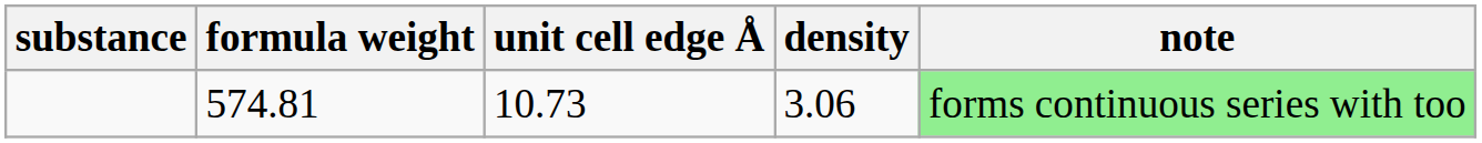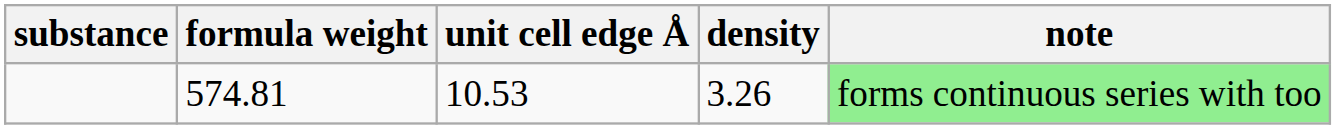 <table class="wikitable">
 <tr>
 <th>substance</th>
 <th>formula weight</th>
 <th>unit cell edge Å</th>
 <th>density</th>
 <th>note</th>
 </tr>
 <tr>
 <td></td>
 <td>574.81</td>
-<td>10.73</td>
-<td>3.06</td>
+<td>10.53</td>
+<td>3.26</td>
 <td style="background: lightgreen;">forms continuous series with  too</td>
 </tr>
 </table>
